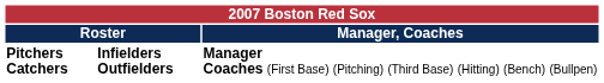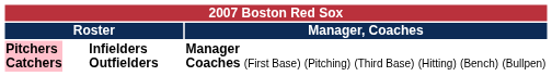 <table class="toccolours" style="text-align: left;">
 <tr>
 <th colspan="10" style="background-color: #ba313c; color: #FFFFFF; text-align: center;">2007 Boston Red Sox</th>
 </tr>
 <tr>
 <td colspan="4" style="background-color: #0d2b56; color: #FFFFFF; text-align: center;"><strong>Roster</strong></td>
 <td colspan="1" style="background-color: #0d2b56; color: #FFFFFF; text-align: center;"><strong>Manager, Coaches</strong></td>
 </tr>
 <tr>
-<td valign="top"><strong>Pitchers</strong><br>                    <strong>Catchers</strong>   </td>
+<td valign="top" style="background: pink;"><strong>Pitchers</strong><br>                    <strong>Catchers</strong>   </td>
 <td width="25px"></td>
 <td valign="top"><strong>Infielders</strong><br>          <strong>Outfielders</strong>        </td>
 <td width="25px"></td>
 <td valign="top"><strong>Manager</strong><br>  <strong>Coaches</strong>  <small>(First Base)</small>  <small>(Pitching)</small>  <small>(Third Base)</small>  <small>(Hitting)</small>  <small>(Bench)</small>  <small>(Bullpen)</small></td>
 </tr>
 </table>
